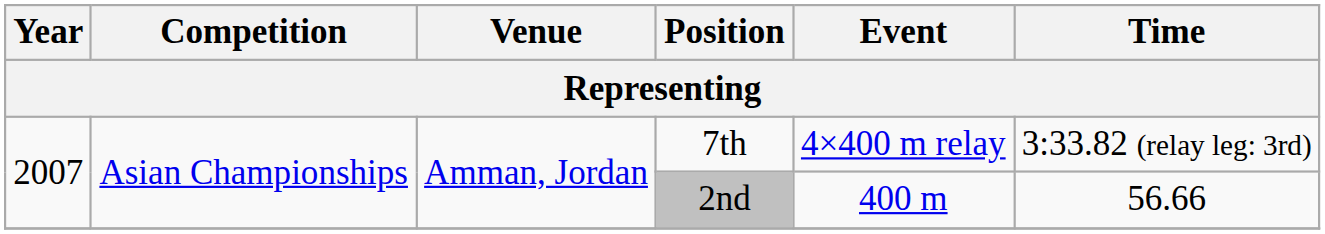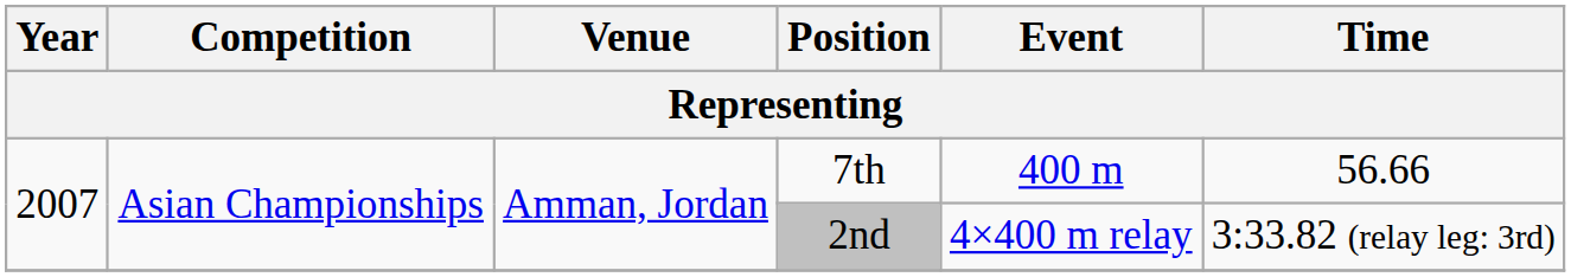 <table class="wikitable sortable" style=text-align:center>
 <tr>
 <th>Year</th>
 <th>Competition</th>
 <th>Venue</th>
 <th>Position</th>
 <th>Event</th>
 <th>Time</th>
 </tr>
 <tr>
 <th colspan="7">Representing </th>
 </tr>
 <tr>
 <td rowspan=2>2007</td>
 <td rowspan=2><a href='#'>Asian Championships</a></td>
 <td rowspan=2><a href='#'>Amman, Jordan</a></td>
 <td>7th</td>
+<td><a href='#'>400 m</a></td>
+<td>56.66</td>
+</tr>
+<tr>
+<td bgcolor="silver">2nd</td>
 <td><a href='#'>4×400 m relay</a></td>
 <td>3:33.82 <small>(relay leg: 3rd)</small></td>
 </tr>
 <tr>
-<td bgcolor="silver">2nd</td>
-<td><a href='#'>400 m</a></td>
-<td>56.66</td>
-</tr>
-<tr>
 </tr>
 </table>
